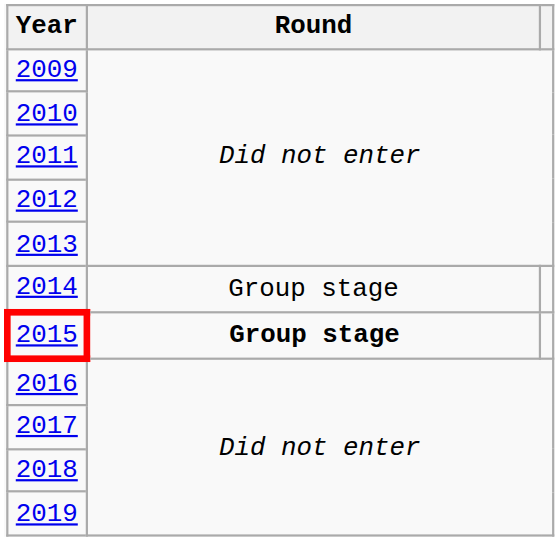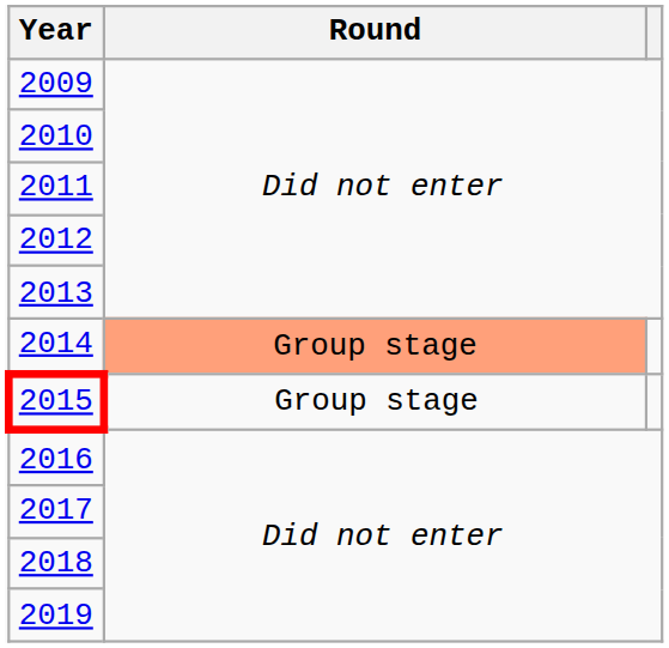 <table class="wikitable" style="text-align: center; font-size:90%">
 <tr>
 <th>Year</th>
 <th style="width:200px">Round</th>
 <th></th>
 </tr>
 <tr>
 <td><a href='#'>2009</a></td>
 <td colspan="2" rowspan="5"><em>Did not enter</em></td>
 </tr>
 <tr>
 <td><a href='#'>2010</a></td>
 </tr>
 <tr>
 <td><a href='#'>2011</a></td>
 </tr>
 <tr>
 <td><a href='#'>2012</a></td>
 </tr>
 <tr>
 <td><a href='#'>2013</a></td>
 </tr>
 <tr>
 <td><a href='#'>2014</a></td>
-<td>Group stage</td>
+<td style="background: lightsalmon;">Group stage</td>
 <td></td>
 </tr>
 <tr>
 <td style="border: 3px solid red"><a href='#'>2015</a></td>
-<td><strong>Group stage</strong></td>
+<td>Group stage</td>
 <td></td>
 </tr>
 <tr>
 <td><a href='#'>2016</a></td>
 <td colspan="2" rowspan="4"><em>Did not enter</em></td>
 </tr>
 <tr>
 <td><a href='#'>2017</a></td>
 </tr>
 <tr>
 <td><a href='#'>2018</a></td>
 </tr>
 <tr>
 <td><a href='#'>2019</a></td>
 </tr>
 </table>
